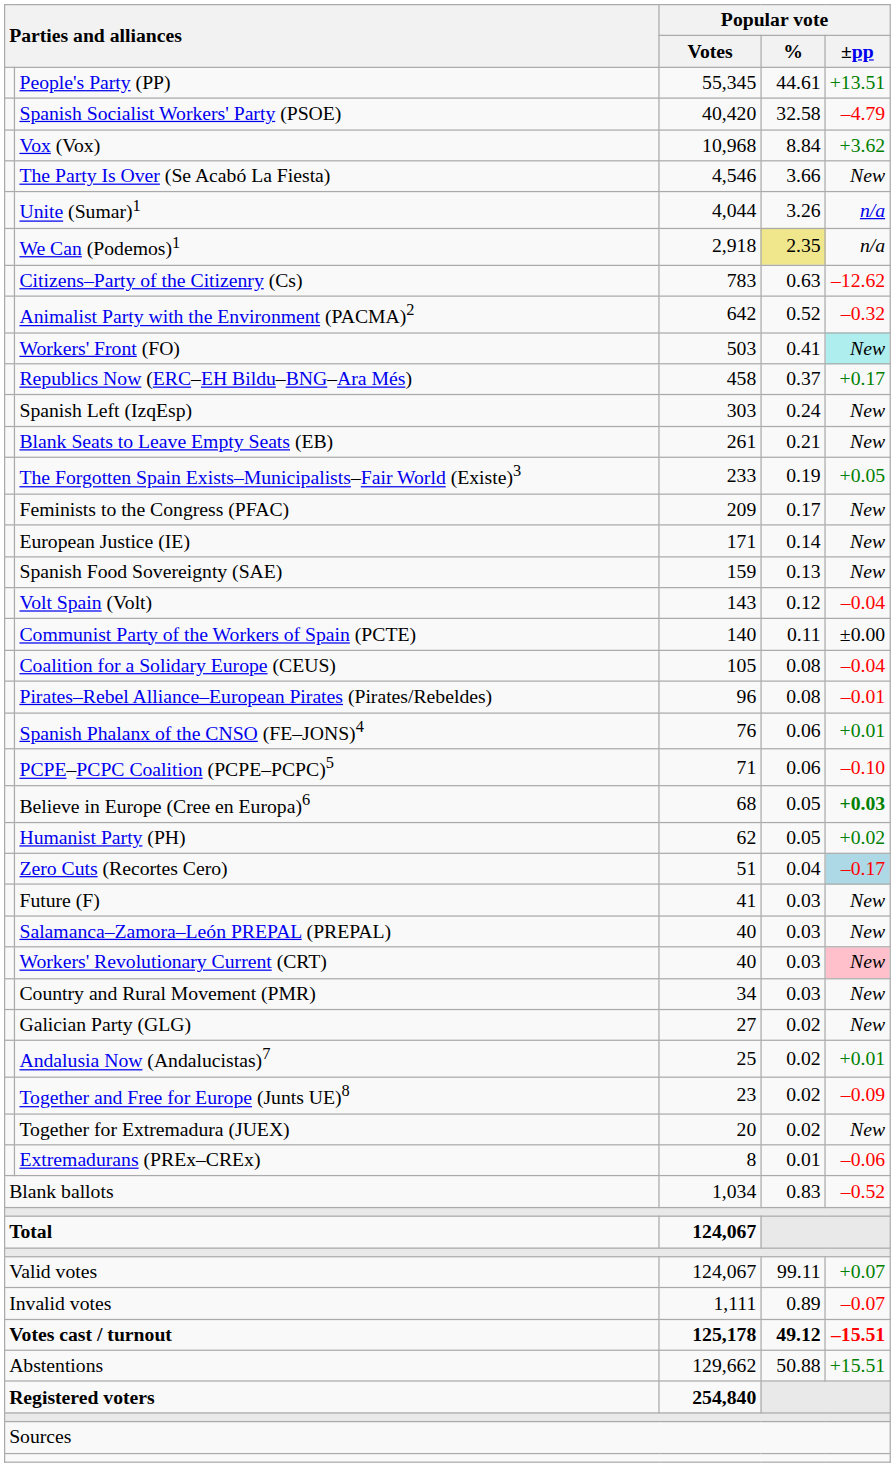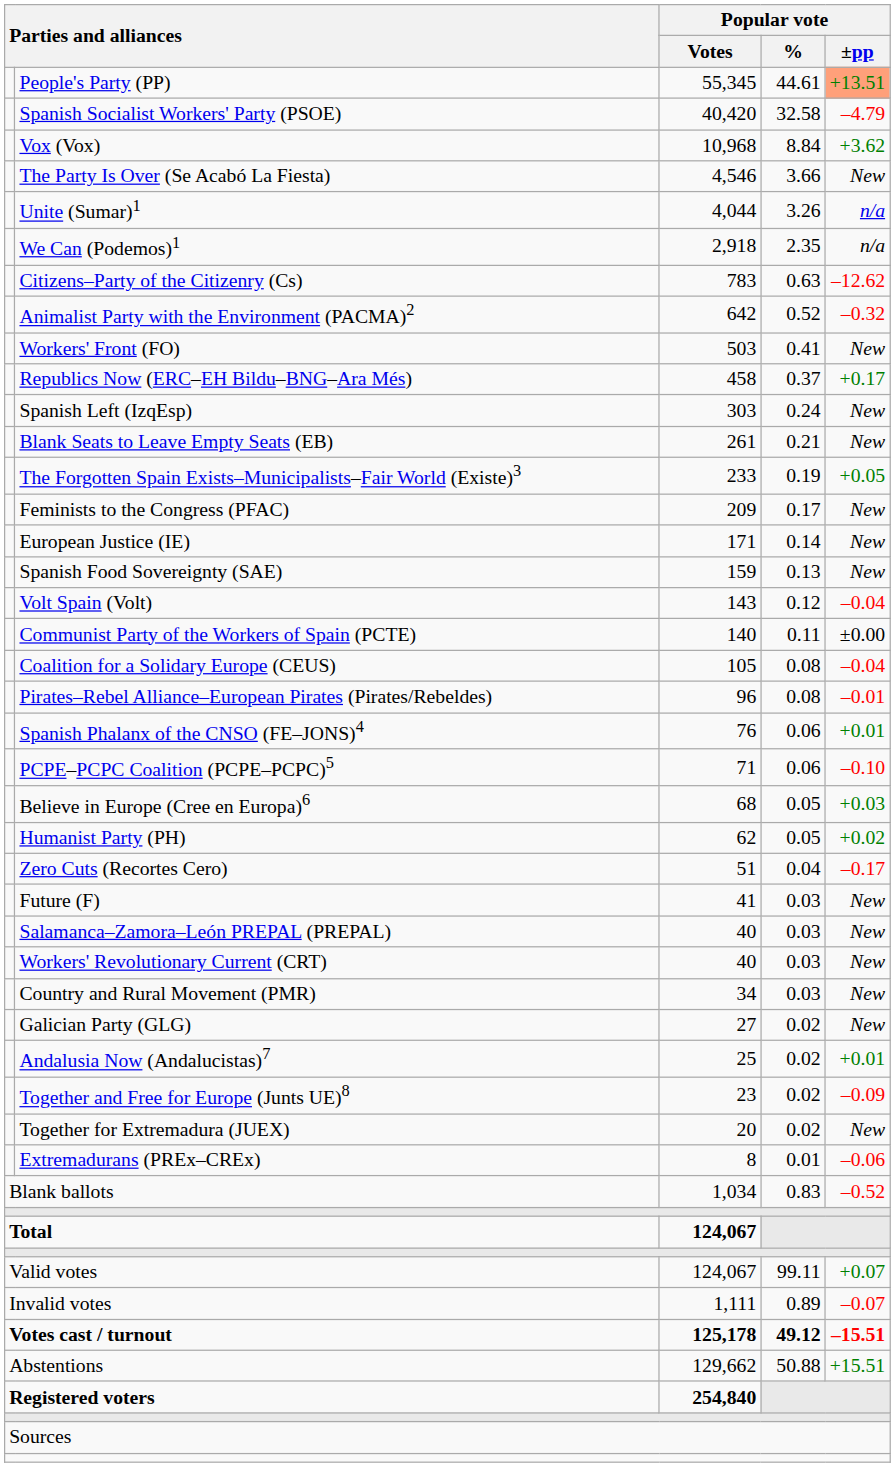 <table class="wikitable" style="text-align:right;">
 <tr>
 <th style="text-align:left;" rowspan="2" colspan="2" width="525">Parties and alliances</th>
 <th colspan="3">Popular vote</th>
 </tr>
 <tr bgcolor="#E9E9E9" align="center">
 <th width="75">Votes</th>
 <th width="45">%</th>
 <th width="45">±<a href='#'>pp</a></th>
 </tr>
 <tr>
 <td width="1" style="color:inherit;background:"></td>
 <td align="left"><a href='#'>People's Party</a> (PP)</td>
 <td>55,345</td>
 <td>44.61</td>
-<td style="color:green;">+13.51</td>
+<td style="background: lightsalmon; color:green;">+13.51</td>
 </tr>
 <tr>
 <td style="color:inherit;background:"></td>
 <td align="left"><a href='#'>Spanish Socialist Workers' Party</a> (PSOE)</td>
 <td>40,420</td>
 <td>32.58</td>
 <td style="color:red;">–4.79</td>
 </tr>
 <tr>
 <td style="color:inherit;background:"></td>
 <td align="left"><a href='#'>Vox</a> (Vox)</td>
 <td>10,968</td>
 <td>8.84</td>
 <td style="color:green;">+3.62</td>
 </tr>
 <tr>
 <td style="color:inherit;background:"></td>
 <td align="left"><a href='#'>The Party Is Over</a> (Se Acabó La Fiesta)</td>
 <td>4,546</td>
 <td>3.66</td>
 <td><em>New</em></td>
 </tr>
 <tr>
 <td style="color:inherit;background:"></td>
 <td align="left"><a href='#'>Unite</a> (Sumar)<sup>1</sup></td>
 <td>4,044</td>
 <td>3.26</td>
 <td><em><a href='#'>n/a</a></em></td>
 </tr>
 <tr>
 <td style="color:inherit;background:"></td>
 <td align="left"><a href='#'>We Can</a> (Podemos)<sup>1</sup></td>
 <td>2,918</td>
-<td style="background: khaki;">2.35</td>
+<td>2.35</td>
 <td><em>n/a</em></td>
 </tr>
 <tr>
 <td style="color:inherit;background:"></td>
 <td align="left"><a href='#'>Citizens–Party of the Citizenry</a> (Cs)</td>
 <td>783</td>
 <td>0.63</td>
 <td style="color:red;">–12.62</td>
 </tr>
 <tr>
 <td style="color:inherit;background:"></td>
 <td align="left"><a href='#'>Animalist Party with the Environment</a> (PACMA)<sup>2</sup></td>
 <td>642</td>
 <td>0.52</td>
 <td style="color:red;">–0.32</td>
 </tr>
 <tr>
 <td style="color:inherit;background:"></td>
 <td align="left"><a href='#'>Workers' Front</a> (FO)</td>
 <td>503</td>
 <td>0.41</td>
-<td style="background: paleturquoise;"><em>New</em></td>
+<td><em>New</em></td>
 </tr>
 <tr>
 <td style="color:inherit;background:"></td>
 <td align="left"><a href='#'>Republics Now</a> (<a href='#'>ERC</a>–<a href='#'>EH Bildu</a>–<a href='#'>BNG</a>–<a href='#'>Ara Més</a>)</td>
 <td>458</td>
 <td>0.37</td>
 <td style="color:green;">+0.17</td>
 </tr>
 <tr>
 <td style="color:inherit;background:"></td>
 <td align="left">Spanish Left (IzqEsp)</td>
 <td>303</td>
 <td>0.24</td>
 <td><em>New</em></td>
 </tr>
 <tr>
 <td style="color:inherit;background:"></td>
 <td align="left"><a href='#'>Blank Seats to Leave Empty Seats</a> (EB)</td>
 <td>261</td>
 <td>0.21</td>
 <td><em>New</em></td>
 </tr>
 <tr>
 <td style="color:inherit;background:"></td>
 <td align="left"><a href='#'>The Forgotten Spain Exists–Municipalists</a>–<a href='#'>Fair World</a> (Existe)<sup>3</sup></td>
 <td>233</td>
 <td>0.19</td>
 <td style="color:green;">+0.05</td>
 </tr>
 <tr>
 <td style="color:inherit;background:"></td>
 <td align="left">Feminists to the Congress (PFAC)</td>
 <td>209</td>
 <td>0.17</td>
 <td><em>New</em></td>
 </tr>
 <tr>
 <td style="color:inherit;background:"></td>
 <td align="left">European Justice (IE)</td>
 <td>171</td>
 <td>0.14</td>
 <td><em>New</em></td>
 </tr>
 <tr>
 <td style="color:inherit;background:"></td>
 <td align="left">Spanish Food Sovereignty (SAE)</td>
 <td>159</td>
 <td>0.13</td>
 <td><em>New</em></td>
 </tr>
 <tr>
 <td style="color:inherit;background:"></td>
 <td align="left"><a href='#'>Volt Spain</a> (Volt)</td>
 <td>143</td>
 <td>0.12</td>
 <td style="color:red;">–0.04</td>
 </tr>
 <tr>
 <td style="color:inherit;background:"></td>
 <td align="left"><a href='#'>Communist Party of the Workers of Spain</a> (PCTE)</td>
 <td>140</td>
 <td>0.11</td>
 <td>±0.00</td>
 </tr>
 <tr>
 <td style="color:inherit;background:"></td>
 <td align="left"><a href='#'>Coalition for a Solidary Europe</a> (CEUS)</td>
 <td>105</td>
 <td>0.08</td>
 <td style="color:red;">–0.04</td>
 </tr>
 <tr>
 <td style="color:inherit;background:"></td>
 <td align="left"><a href='#'>Pirates–Rebel Alliance–European Pirates</a> (Pirates/Rebeldes)</td>
 <td>96</td>
 <td>0.08</td>
 <td style="color:red;">–0.01</td>
 </tr>
 <tr>
 <td style="color:inherit;background:"></td>
 <td align="left"><a href='#'>Spanish Phalanx of the CNSO</a> (FE–JONS)<sup>4</sup></td>
 <td>76</td>
 <td>0.06</td>
 <td style="color:green;">+0.01</td>
 </tr>
 <tr>
 <td style="color:inherit;background:"></td>
 <td align="left"><a href='#'>PCPE</a>–<a href='#'>PCPC Coalition</a> (PCPE–PCPC)<sup>5</sup></td>
 <td>71</td>
 <td>0.06</td>
 <td style="color:red;">–0.10</td>
 </tr>
 <tr>
 <td style="color:inherit;background:"></td>
 <td align="left">Believe in Europe (Cree en Europa)<sup>6</sup></td>
 <td>68</td>
 <td>0.05</td>
-<td style="color:green;"><strong>+0.03</strong></td>
+<td style="color:green;">+0.03</td>
 </tr>
 <tr>
 <td style="color:inherit;background:"></td>
 <td align="left"><a href='#'>Humanist Party</a> (PH)</td>
 <td>62</td>
 <td>0.05</td>
 <td style="color:green;">+0.02</td>
 </tr>
 <tr>
 <td style="color:inherit;background:"></td>
 <td align="left"><a href='#'>Zero Cuts</a> (Recortes Cero)</td>
 <td>51</td>
 <td>0.04</td>
-<td style="background: lightblue; color:red;">–0.17</td>
+<td style="color:red;">–0.17</td>
 </tr>
 <tr>
 <td style="color:inherit;background:"></td>
 <td align="left">Future (F)</td>
 <td>41</td>
 <td>0.03</td>
 <td><em>New</em></td>
 </tr>
 <tr>
 <td style="color:inherit;background:"></td>
 <td align="left"><a href='#'>Salamanca–Zamora–León PREPAL</a> (PREPAL)</td>
 <td>40</td>
 <td>0.03</td>
 <td><em>New</em></td>
 </tr>
 <tr>
 <td style="color:inherit;background:"></td>
 <td align="left"><a href='#'>Workers' Revolutionary Current</a> (CRT)</td>
 <td>40</td>
 <td>0.03</td>
-<td style="background: pink;"><em>New</em></td>
+<td><em>New</em></td>
 </tr>
 <tr>
 <td style="color:inherit;background:"></td>
 <td align="left">Country and Rural Movement (PMR)</td>
 <td>34</td>
 <td>0.03</td>
 <td><em>New</em></td>
 </tr>
 <tr>
 <td style="color:inherit;background:"></td>
 <td align="left">Galician Party (GLG)</td>
 <td>27</td>
 <td>0.02</td>
 <td><em>New</em></td>
 </tr>
 <tr>
 <td style="color:inherit;background:"></td>
 <td align="left"><a href='#'>Andalusia Now</a> (Andalucistas)<sup>7</sup></td>
 <td>25</td>
 <td>0.02</td>
 <td style="color:green;">+0.01</td>
 </tr>
 <tr>
 <td style="color:inherit;background:"></td>
 <td align="left"><a href='#'>Together and Free for Europe</a> (Junts UE)<sup>8</sup></td>
 <td>23</td>
 <td>0.02</td>
 <td style="color:red;">–0.09</td>
 </tr>
 <tr>
 <td style="color:inherit;background:"></td>
 <td align="left">Together for Extremadura (JUEX)</td>
 <td>20</td>
 <td>0.02</td>
 <td><em>New</em></td>
 </tr>
 <tr>
 <td style="color:inherit;background:"></td>
 <td align="left"><a href='#'>Extremadurans</a> (PREx–CREx)</td>
 <td>8</td>
 <td>0.01</td>
 <td style="color:red;">–0.06</td>
 </tr>
 <tr>
 <td align="left" colspan="2">Blank ballots</td>
 <td>1,034</td>
 <td>0.83</td>
 <td style="color:red;">–0.52</td>
 </tr>
 <tr>
 <td colspan="5" bgcolor="#E9E9E9"></td>
 </tr>
 <tr style="font-weight:bold;">
 <td align="left" colspan="2">Total</td>
 <td>124,067</td>
 <td bgcolor="#E9E9E9" colspan="2"></td>
 </tr>
 <tr>
 <td colspan="5" bgcolor="#E9E9E9"></td>
 </tr>
 <tr>
 <td align="left" colspan="2">Valid votes</td>
 <td>124,067</td>
 <td>99.11</td>
 <td style="color:green;">+0.07</td>
 </tr>
 <tr>
 <td align="left" colspan="2">Invalid votes</td>
 <td>1,111</td>
 <td>0.89</td>
 <td style="color:red;">–0.07</td>
 </tr>
 <tr style="font-weight:bold;">
 <td align="left" colspan="2">Votes cast / turnout</td>
 <td>125,178</td>
 <td>49.12</td>
 <td style="color:red;">–15.51</td>
 </tr>
 <tr>
 <td align="left" colspan="2">Abstentions</td>
 <td>129,662</td>
 <td>50.88</td>
 <td style="color:green;">+15.51</td>
 </tr>
 <tr style="font-weight:bold;">
 <td align="left" colspan="2">Registered voters</td>
 <td>254,840</td>
 <td bgcolor="#E9E9E9" colspan="2"></td>
 </tr>
 <tr>
 <td colspan="5" bgcolor="#E9E9E9"></td>
 </tr>
 <tr>
 <td align="left" colspan="5">Sources</td>
 </tr>
 <tr>
 <td colspan="5" style="text-align:left; max-width:790px;"></td>
 </tr>
 </table>
